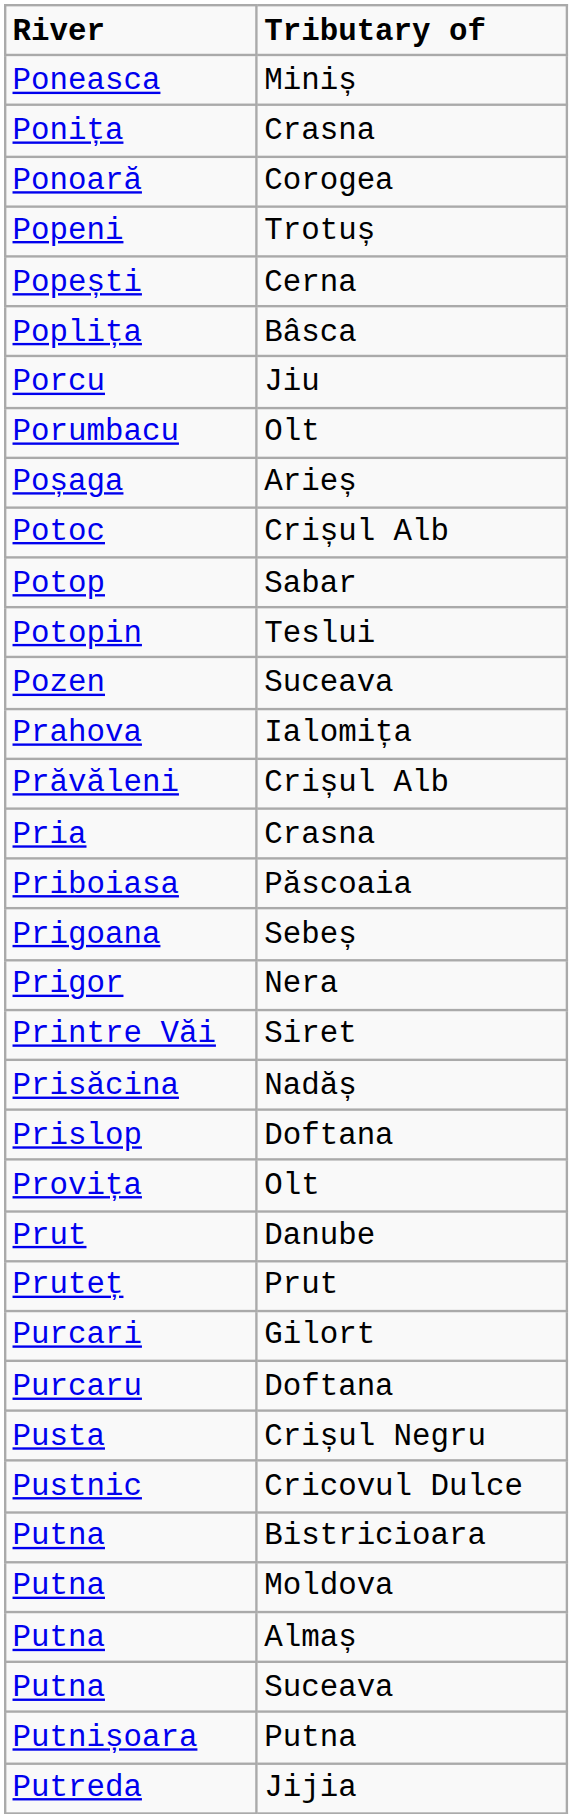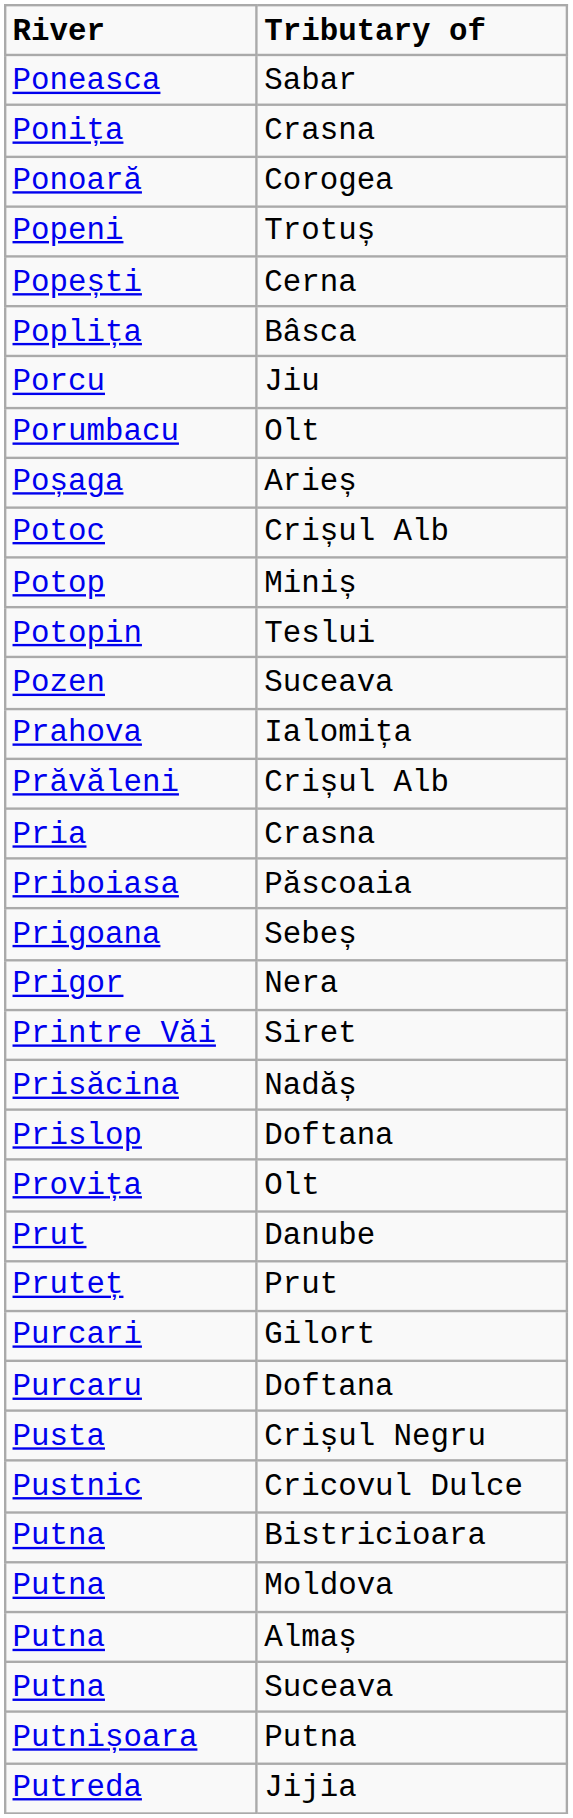 <table class="wikitable">
 <tr>
 <td width="100pt"><strong>River</strong></td>
 <td width="125pt"><strong>Tributary of</strong></td>
 </tr>
 <tr>
 <td><a href='#'>Poneasca</a></td>
-<td>Miniș</td>
+<td>Sabar</td>
 </tr>
 <tr>
 <td><a href='#'>Ponița</a></td>
 <td>Crasna</td>
 </tr>
 <tr>
 <td><a href='#'>Ponoară</a></td>
 <td>Corogea</td>
 </tr>
 <tr>
 <td><a href='#'>Popeni</a></td>
 <td>Trotuș</td>
 </tr>
 <tr>
 <td><a href='#'>Popești</a></td>
 <td>Cerna</td>
 </tr>
 <tr>
 <td><a href='#'>Poplița</a></td>
 <td>Bâsca</td>
 </tr>
 <tr>
 <td><a href='#'>Porcu</a></td>
 <td>Jiu</td>
 </tr>
 <tr>
 <td><a href='#'>Porumbacu</a></td>
 <td>Olt</td>
 </tr>
 <tr>
 <td><a href='#'>Poșaga</a></td>
 <td>Arieș</td>
 </tr>
 <tr>
 <td><a href='#'>Potoc</a></td>
 <td>Crișul Alb</td>
 </tr>
 <tr>
 <td><a href='#'>Potop</a></td>
-<td>Sabar</td>
+<td>Miniș</td>
 </tr>
 <tr>
 <td><a href='#'>Potopin</a></td>
 <td>Teslui</td>
 </tr>
 <tr>
 <td><a href='#'>Pozen</a></td>
 <td>Suceava</td>
 </tr>
 <tr>
 <td><a href='#'>Prahova</a></td>
 <td>Ialomița</td>
 </tr>
 <tr>
 <td><a href='#'>Prăvăleni</a></td>
 <td>Crișul Alb</td>
 </tr>
 <tr>
 <td><a href='#'>Pria</a></td>
 <td>Crasna</td>
 </tr>
 <tr>
 <td><a href='#'>Priboiasa</a></td>
 <td>Păscoaia</td>
 </tr>
 <tr>
 <td><a href='#'>Prigoana</a></td>
 <td>Sebeș</td>
 </tr>
 <tr>
 <td><a href='#'>Prigor</a></td>
 <td>Nera</td>
 </tr>
 <tr>
 <td><a href='#'>Printre Văi</a></td>
 <td>Siret</td>
 </tr>
 <tr>
 <td><a href='#'>Prisăcina</a></td>
 <td>Nadăș</td>
 </tr>
 <tr>
 <td><a href='#'>Prislop</a></td>
 <td>Doftana</td>
 </tr>
 <tr>
 <td><a href='#'>Provița</a></td>
 <td>Olt</td>
 </tr>
 <tr>
 <td><a href='#'>Prut</a></td>
 <td>Danube</td>
 </tr>
 <tr>
 <td><a href='#'>Pruteț</a></td>
 <td>Prut</td>
 </tr>
 <tr>
 <td><a href='#'>Purcari</a></td>
 <td>Gilort</td>
 </tr>
 <tr>
 <td><a href='#'>Purcaru</a></td>
 <td>Doftana</td>
 </tr>
 <tr>
 <td><a href='#'>Pusta</a></td>
 <td>Crișul Negru</td>
 </tr>
 <tr>
 <td><a href='#'>Pustnic</a></td>
 <td>Cricovul Dulce</td>
 </tr>
 <tr>
 <td><a href='#'>Putna</a></td>
 <td>Bistricioara</td>
 </tr>
 <tr>
 <td><a href='#'>Putna</a></td>
 <td>Moldova</td>
 </tr>
 <tr>
 <td><a href='#'>Putna</a></td>
 <td>Almaș</td>
 </tr>
 <tr>
 <td><a href='#'>Putna</a></td>
 <td>Suceava</td>
 </tr>
 <tr>
 <td><a href='#'>Putnișoara</a></td>
 <td>Putna</td>
 </tr>
 <tr>
 <td><a href='#'>Putreda</a></td>
 <td>Jijia</td>
 </tr>
 </table>
